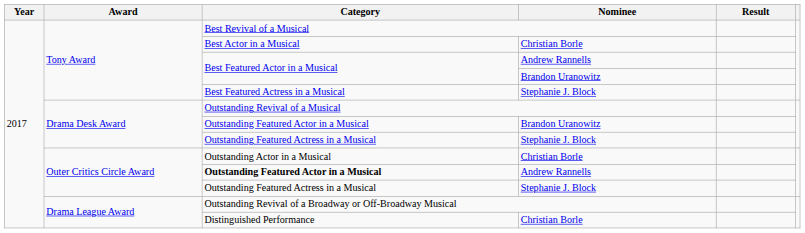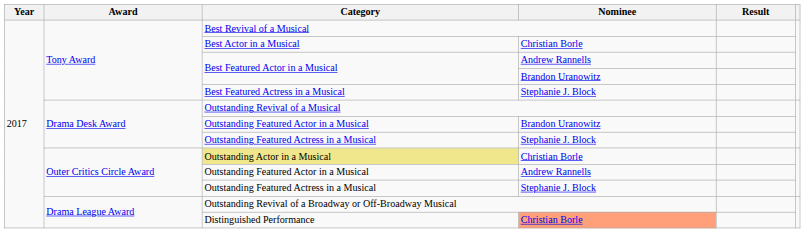 <table class="wikitable" width="100%">
 <tr>
 <th width="5%">Year</th>
 <th width="20%">Award</th>
 <th width="40%">Category</th>
 <th width="25%">Nominee</th>
 <th width="10%">Result</th>
 <th></th>
 </tr>
 <tr>
 <td rowspan="13">2017</td>
 <td rowspan="5"><a href='#'>Tony Award</a></td>
 <td colspan="2"><a href='#'>Best Revival of a Musical</a></td>
 <td></td>
 <td rowspan="5"></td>
 </tr>
 <tr>
 <td><a href='#'>Best Actor in a Musical</a></td>
 <td><a href='#'>Christian Borle</a></td>
 <td></td>
 </tr>
 <tr>
 <td rowspan="2"><a href='#'>Best Featured Actor in a Musical</a></td>
 <td><a href='#'>Andrew Rannells</a></td>
 <td></td>
 </tr>
 <tr>
 <td><a href='#'>Brandon Uranowitz</a></td>
 <td></td>
 </tr>
 <tr>
 <td><a href='#'>Best Featured Actress in a Musical</a></td>
 <td><a href='#'>Stephanie J. Block</a></td>
 <td></td>
 </tr>
 <tr>
 <td rowspan="3"><a href='#'>Drama Desk Award</a></td>
 <td colspan="2"><a href='#'>Outstanding Revival of a Musical</a></td>
 <td></td>
 <td rowspan="3"></td>
 </tr>
 <tr>
 <td><a href='#'>Outstanding Featured Actor in a Musical</a></td>
 <td><a href='#'>Brandon Uranowitz</a></td>
 <td></td>
 </tr>
 <tr>
 <td><a href='#'>Outstanding Featured Actress in a Musical</a></td>
 <td><a href='#'>Stephanie J. Block</a></td>
 <td></td>
 </tr>
 <tr>
 <td rowspan="3"><a href='#'>Outer Critics Circle Award</a></td>
-<td>Outstanding Actor in a Musical</td>
+<td style="background: khaki;">Outstanding Actor in a Musical</td>
 <td><a href='#'>Christian Borle</a></td>
 <td></td>
 <td rowspan="3"></td>
 </tr>
 <tr>
-<td><strong>Outstanding Featured Actor in a Musical</strong></td>
+<td>Outstanding Featured Actor in a Musical</td>
 <td><a href='#'>Andrew Rannells</a></td>
 <td></td>
 </tr>
 <tr>
 <td>Outstanding Featured Actress in a Musical</td>
 <td><a href='#'>Stephanie J. Block</a></td>
 <td></td>
 </tr>
 <tr>
 <td rowspan="2"><a href='#'>Drama League Award</a></td>
 <td colspan="2">Outstanding Revival of a Broadway or Off-Broadway Musical</td>
 <td></td>
 <td rowspan="2"></td>
 </tr>
 <tr>
 <td>Distinguished Performance</td>
-<td><a href='#'>Christian Borle</a></td>
+<td style="background: lightsalmon;"><a href='#'>Christian Borle</a></td>
 <td></td>
 </tr>
 </table>
